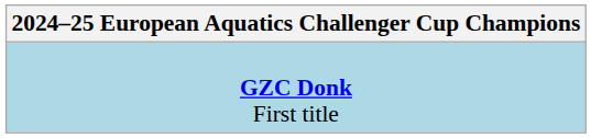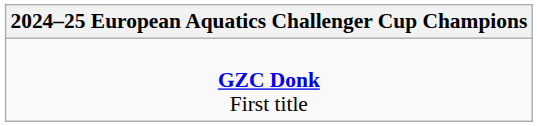 <table class=wikitable style="text-align:center; margin:auto">
 <tr>
 <th>2024–25 European Aquatics Challenger Cup Champions</th>
 </tr>
 <tr>
-<td style="background: lightblue;"> <br><strong><a href='#'>GZC Donk</a></strong><br>First title</td>
+<td> <br><strong><a href='#'>GZC Donk</a></strong><br>First title</td>
 </tr>
 </table>
